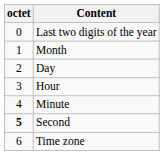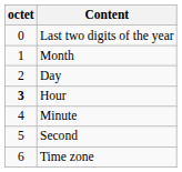 <table class="wikitable" style="text-align:left">
 <tr>
 <th>octet</th>
 <th>Content</th>
 </tr>
 <tr>
 <td style="text-align:center;">0</td>
 <td>Last two digits of the year</td>
 </tr>
 <tr>
 <td style="text-align:center;">1</td>
 <td>Month</td>
 </tr>
 <tr>
 <td style="text-align:center;">2</td>
 <td>Day</td>
 </tr>
 <tr>
-<td style="text-align:center;">3</td>
+<td style="text-align:center;"><strong>3</strong></td>
 <td>Hour</td>
 </tr>
 <tr>
 <td style="text-align:center;">4</td>
 <td>Minute</td>
 </tr>
 <tr>
-<td style="text-align:center;"><strong>5</strong></td>
+<td style="text-align:center;">5</td>
 <td>Second</td>
 </tr>
 <tr>
 <td style="text-align:center;">6</td>
 <td>Time zone</td>
 </tr>
 </table>
